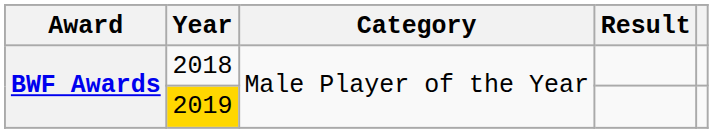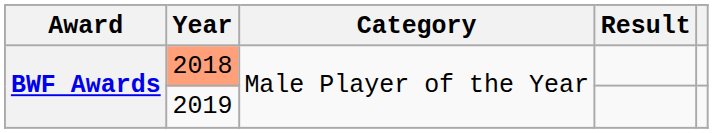 <table class="wikitable plainrowheaders sortable">
 <tr>
 <th scope="col">Award</th>
 <th scope="col">Year</th>
 <th scope="col">Category</th>
 <th scope="col">Result</th>
 <th scope="col" class="unsortable"></th>
 </tr>
 <tr>
 <th scope="row" rowspan="2"><a href='#'>BWF Awards</a></th>
-<td align="center">2018</td>
+<td align="center" style="background: lightsalmon;">2018</td>
 <td rowspan="2">Male Player of the Year</td>
 <td></td>
 <td align="center"></td>
 </tr>
 <tr>
-<td align="center" style="background: gold;">2019</td>
+<td align="center">2019</td>
 <td></td>
 <td align="center"></td>
 </tr>
 </table>
